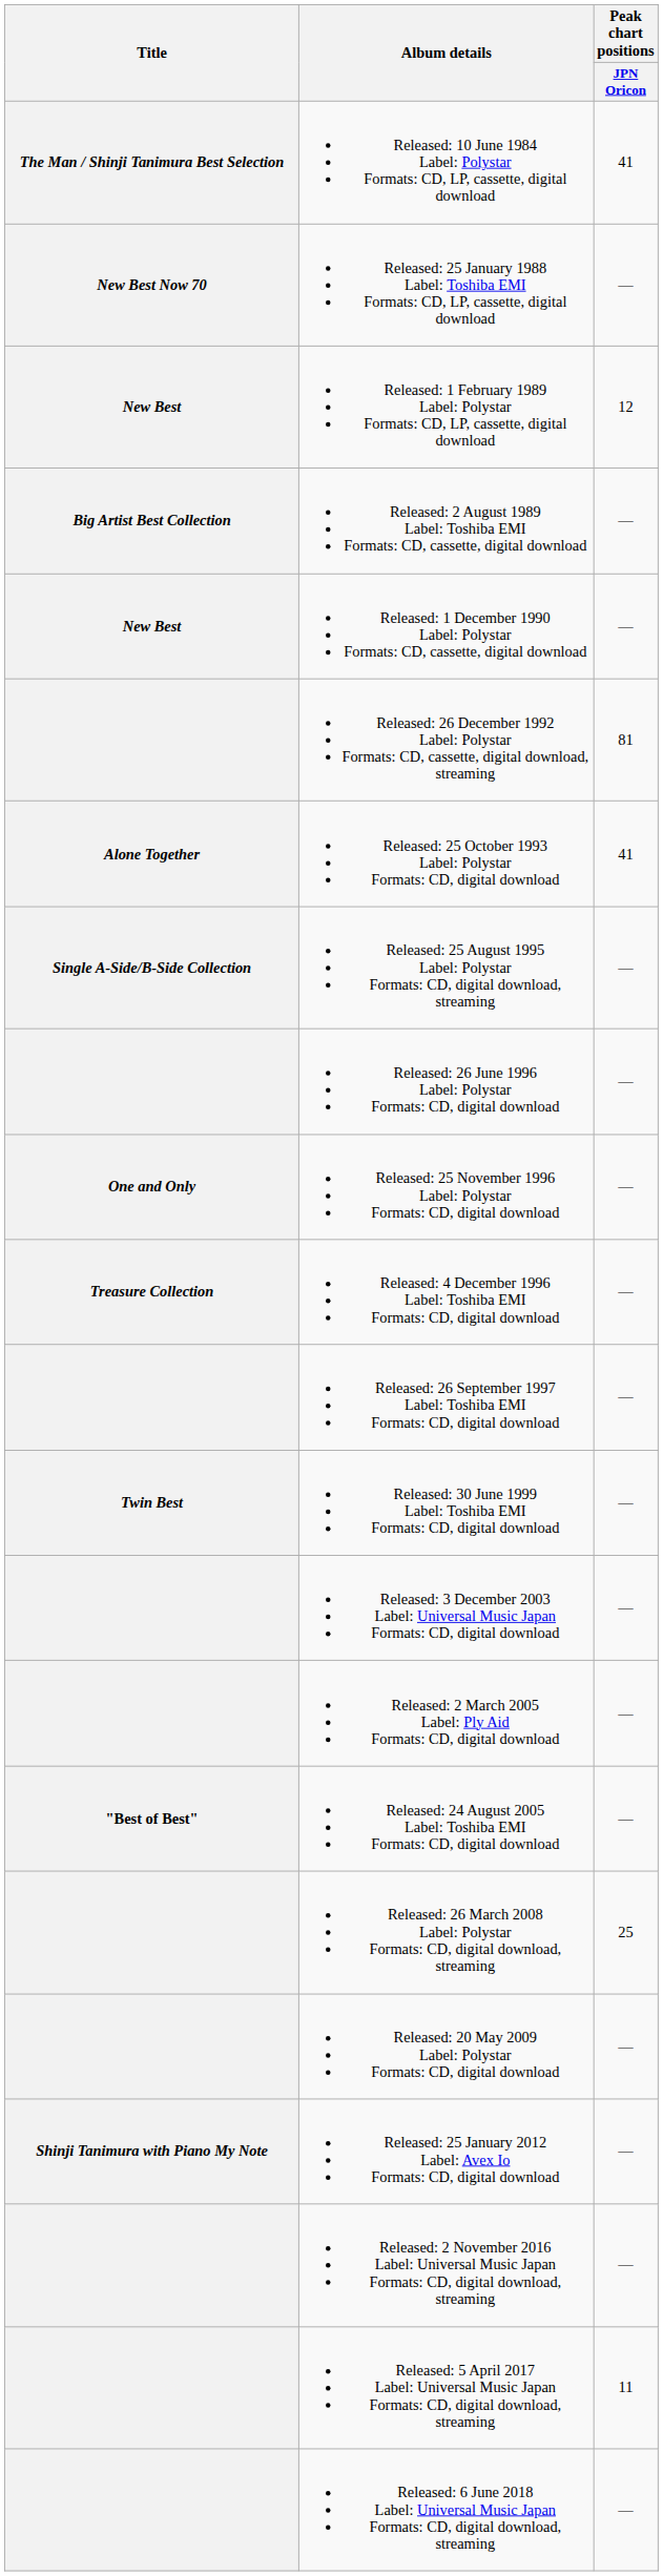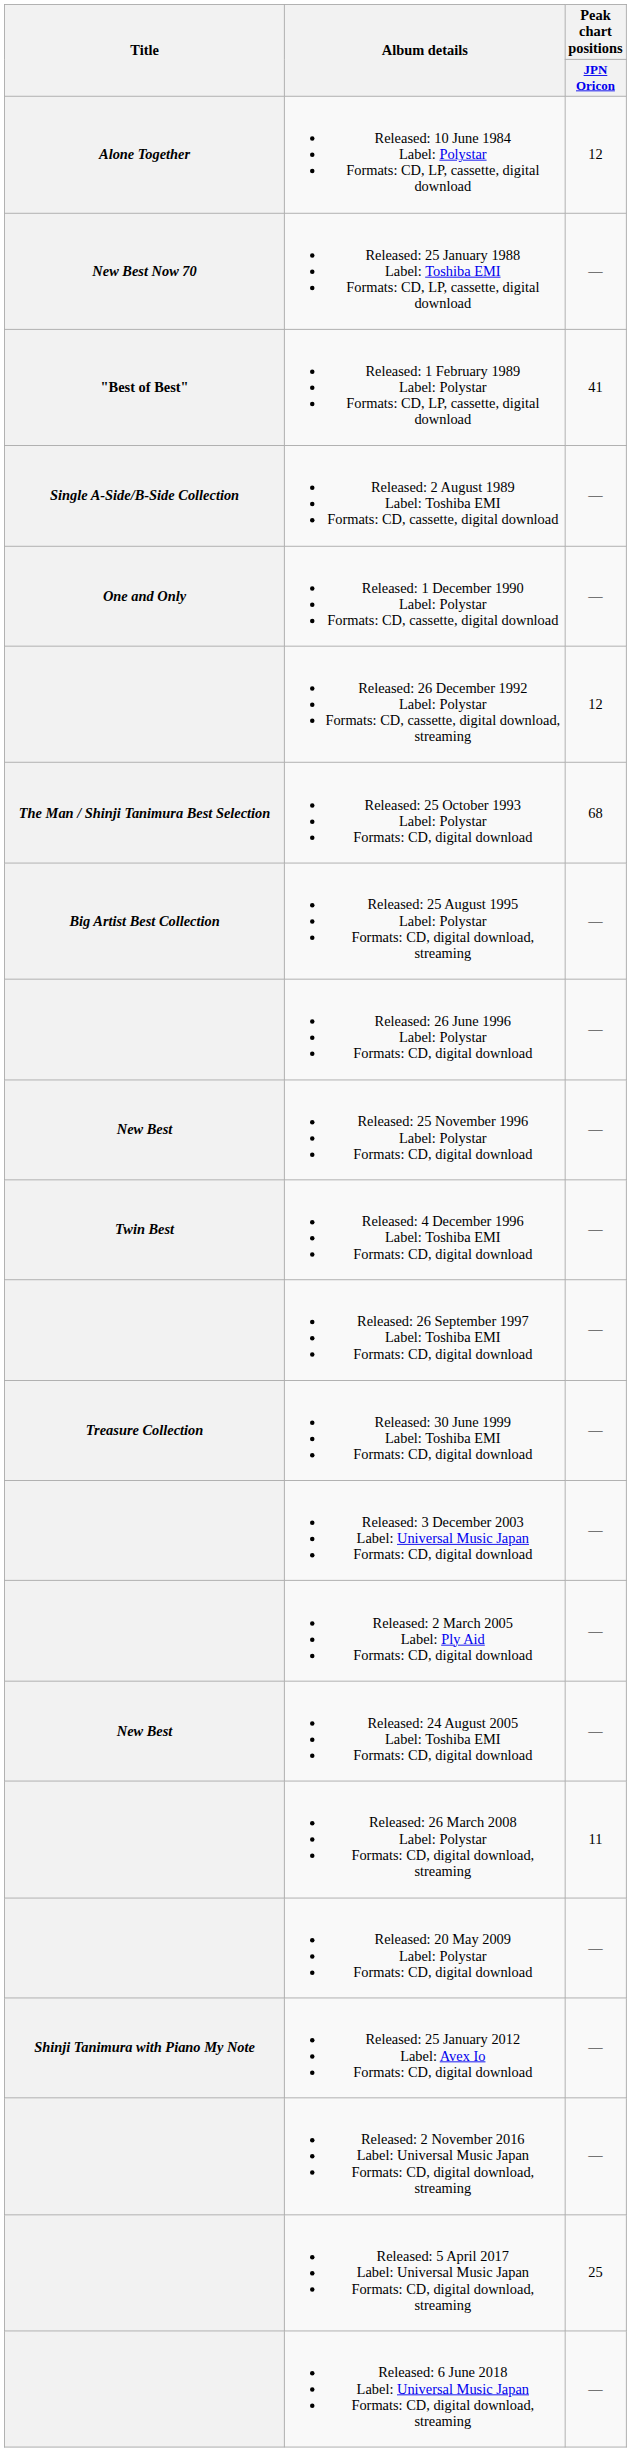 <table class="wikitable plainrowheaders" style="text-align:center;">
 <tr>
 <th scope="col" rowspan="2" style="width:19em;">Title</th>
 <th scope="col" rowspan="2" style="width:19em;">Album details</th>
 <th scope="col">Peak chart positions</th>
 </tr>
 <tr>
 <th scope="col" style="width:2.9em;font-size:90%;"><a href='#'>JPN<br>Oricon</a><br></th>
 </tr>
 <tr>
-<th scope="row"><em>The Man / Shinji Tanimura Best Selection</em></th>
+<th scope="row"><em>Alone Together</em></th>
 <td><br><ul><li>Released: 10 June 1984</li><li>Label: <a href='#'>Polystar</a></li><li>Formats: CD, LP, cassette, digital download</li></ul></td>
-<td>41</td>
+<td>12</td>
 </tr>
 <tr>
 <th scope="row"><em>New Best Now 70</em></th>
 <td><br><ul><li>Released: 25 January 1988</li><li>Label: <a href='#'>Toshiba EMI</a></li><li>Formats: CD, LP, cassette, digital download</li></ul></td>
 <td>—</td>
 </tr>
 <tr>
-<th scope="row"><em>New Best</em></th>
+<th scope="row">"Best of Best"</th>
 <td><br><ul><li>Released: 1 February 1989</li><li>Label: Polystar</li><li>Formats: CD, LP, cassette, digital download</li></ul></td>
-<td>12</td>
+<td>41</td>
 </tr>
 <tr>
-<th scope="row"><em>Big Artist Best Collection</em></th>
+<th scope="row"><em>Single A-Side/B-Side Collection</em></th>
 <td><br><ul><li>Released: 2 August 1989</li><li>Label: Toshiba EMI</li><li>Formats: CD, cassette, digital download</li></ul></td>
 <td>—</td>
 </tr>
 <tr>
-<th scope="row"><em>New Best</em></th>
+<th scope="row"><em>One and Only</em></th>
 <td><br><ul><li>Released: 1 December 1990</li><li>Label: Polystar</li><li>Formats: CD, cassette, digital download</li></ul></td>
 <td>—</td>
 </tr>
 <tr>
 <th scope="row"></th>
 <td><br><ul><li>Released: 26 December 1992</li><li>Label: Polystar</li><li>Formats: CD, cassette, digital download, streaming</li></ul></td>
-<td>81</td>
+<td>12</td>
 </tr>
 <tr>
-<th scope="row"><em>Alone Together</em></th>
+<th scope="row"><em>The Man / Shinji Tanimura Best Selection</em></th>
 <td><br><ul><li>Released: 25 October 1993</li><li>Label: Polystar</li><li>Formats: CD, digital download</li></ul></td>
-<td>41</td>
+<td>68</td>
 </tr>
 <tr>
-<th scope="row"><em>Single A-Side/B-Side Collection</em></th>
+<th scope="row"><em>Big Artist Best Collection</em></th>
 <td><br><ul><li>Released: 25 August 1995</li><li>Label: Polystar</li><li>Formats: CD, digital download, streaming</li></ul></td>
 <td>—</td>
 </tr>
 <tr>
 <th scope="row"></th>
 <td><br><ul><li>Released: 26 June 1996</li><li>Label: Polystar</li><li>Formats: CD, digital download</li></ul></td>
 <td>—</td>
 </tr>
 <tr>
-<th scope="row"><em>One and Only</em></th>
+<th scope="row"><em>New Best</em></th>
 <td><br><ul><li>Released: 25 November 1996</li><li>Label: Polystar</li><li>Formats: CD, digital download</li></ul></td>
 <td>—</td>
 </tr>
 <tr>
-<th scope="row"><em>Treasure Collection</em></th>
+<th scope="row"><em>Twin Best</em></th>
 <td><br><ul><li>Released: 4 December 1996</li><li>Label: Toshiba EMI</li><li>Formats: CD, digital download</li></ul></td>
 <td>—</td>
 </tr>
 <tr>
 <th scope="row"></th>
 <td><br><ul><li>Released: 26 September 1997</li><li>Label: Toshiba EMI</li><li>Formats: CD, digital download</li></ul></td>
 <td>—</td>
 </tr>
 <tr>
-<th scope="row"><em>Twin Best</em></th>
+<th scope="row"><em>Treasure Collection</em></th>
 <td><br><ul><li>Released: 30 June 1999</li><li>Label: Toshiba EMI</li><li>Formats: CD, digital download</li></ul></td>
 <td>—</td>
 </tr>
 <tr>
 <th scope="row"></th>
 <td><br><ul><li>Released: 3 December 2003</li><li>Label: <a href='#'>Universal Music Japan</a></li><li>Formats: CD, digital download</li></ul></td>
 <td>—</td>
 </tr>
 <tr>
 <th scope="row"></th>
 <td><br><ul><li>Released: 2 March 2005</li><li>Label: <a href='#'>Ply Aid</a></li><li>Formats: CD, digital download</li></ul></td>
 <td>—</td>
 </tr>
 <tr>
-<th scope="row">"Best of Best"</th>
+<th scope="row"><em>New Best</em></th>
 <td><br><ul><li>Released: 24 August 2005</li><li>Label: Toshiba EMI</li><li>Formats: CD, digital download</li></ul></td>
 <td>—</td>
 </tr>
 <tr>
 <th scope="row"></th>
 <td><br><ul><li>Released: 26 March 2008</li><li>Label: Polystar</li><li>Formats: CD, digital download, streaming</li></ul></td>
-<td>25</td>
+<td>11</td>
 </tr>
 <tr>
 <th scope="row"></th>
 <td><br><ul><li>Released: 20 May 2009</li><li>Label: Polystar</li><li>Formats: CD, digital download</li></ul></td>
 <td>—</td>
 </tr>
 <tr>
 <th scope="row"><em>Shinji Tanimura with Piano My Note</em></th>
 <td><br><ul><li>Released: 25 January 2012</li><li>Label: <a href='#'>Avex Io</a></li><li>Formats: CD, digital download</li></ul></td>
 <td>—</td>
 </tr>
 <tr>
 <th scope="row"></th>
 <td><br><ul><li>Released: 2 November 2016</li><li>Label: Universal Music Japan</li><li>Formats: CD, digital download, streaming</li></ul></td>
 <td>—</td>
 </tr>
 <tr>
 <th scope="row"></th>
 <td><br><ul><li>Released: 5 April 2017</li><li>Label: Universal Music Japan</li><li>Formats: CD, digital download, streaming</li></ul></td>
-<td>11</td>
+<td>25</td>
 </tr>
 <tr>
 <th scope="row"></th>
 <td><br><ul><li>Released: 6 June 2018</li><li>Label: <a href='#'>Universal Music Japan</a></li><li>Formats: CD, digital download, streaming</li></ul></td>
 <td>—</td>
 </tr>
 </table>
